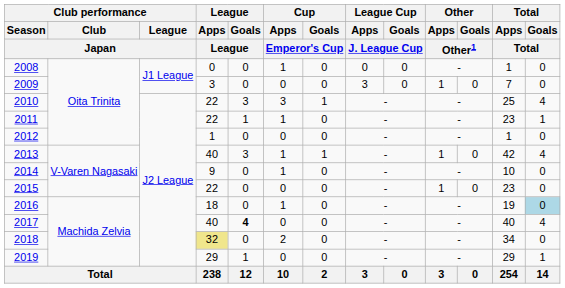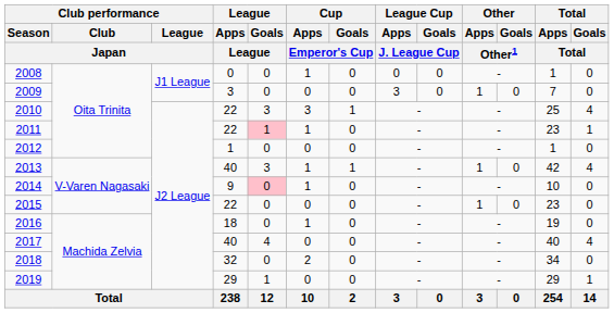 <table class="wikitable" style="text-align:center;">
 <tr>
 <th colspan=3>Club performance</th>
 <th colspan=2>League</th>
 <th colspan=2>Cup</th>
 <th colspan=2>League Cup</th>
 <th colspan=2>Other</th>
 <th colspan=2>Total</th>
 </tr>
 <tr>
 <th>Season</th>
 <th>Club</th>
 <th>League</th>
 <th>Apps</th>
 <th>Goals</th>
 <th>Apps</th>
 <th>Goals</th>
 <th>Apps</th>
 <th>Goals</th>
 <th>Apps</th>
 <th>Goals</th>
 <th>Apps</th>
 <th>Goals</th>
 </tr>
 <tr>
 <th colspan=3>Japan</th>
 <th colspan=2>League</th>
 <th colspan=2><a href='#'>Emperor's Cup</a></th>
 <th colspan=2><a href='#'>J. League Cup</a></th>
 <th colspan="2">Other<sup><a href='#'>1</a></sup></th>
 <th colspan=2>Total</th>
 </tr>
 <tr>
 <td><a href='#'>2008</a></td>
 <td rowspan="5"><a href='#'>Oita Trinita</a></td>
 <td rowspan="2"><a href='#'>J1 League</a></td>
 <td>0</td>
 <td>0</td>
 <td>1</td>
 <td>0</td>
 <td>0</td>
 <td>0</td>
 <td colspan="2">-</td>
 <td>1</td>
 <td>0</td>
 </tr>
 <tr>
 <td><a href='#'>2009</a></td>
 <td>3</td>
 <td>0</td>
 <td>0</td>
 <td>0</td>
 <td>3</td>
 <td>0</td>
 <td>1</td>
 <td>0</td>
 <td>7</td>
 <td>0</td>
 </tr>
 <tr>
 <td><a href='#'>2010</a></td>
 <td rowspan="10"><a href='#'>J2 League</a></td>
 <td>22</td>
 <td>3</td>
 <td>3</td>
 <td>1</td>
 <td colspan="2">-</td>
 <td colspan="2">-</td>
 <td>25</td>
 <td>4</td>
 </tr>
 <tr>
 <td><a href='#'>2011</a></td>
 <td>22</td>
-<td>1</td>
+<td style="background: pink;">1</td>
 <td>1</td>
 <td>0</td>
 <td colspan="2">-</td>
 <td colspan="2">-</td>
 <td>23</td>
 <td>1</td>
 </tr>
 <tr>
 <td><a href='#'>2012</a></td>
 <td>1</td>
 <td>0</td>
 <td>0</td>
 <td>0</td>
 <td colspan="2">-</td>
 <td colspan="2">-</td>
 <td>1</td>
 <td>0</td>
 </tr>
 <tr>
 <td><a href='#'>2013</a></td>
 <td rowspan="3"><a href='#'>V-Varen Nagasaki</a></td>
 <td>40</td>
 <td>3</td>
 <td>1</td>
 <td>1</td>
 <td colspan="2">-</td>
 <td>1</td>
 <td>0</td>
 <td>42</td>
 <td>4</td>
 </tr>
 <tr>
 <td><a href='#'>2014</a></td>
 <td>9</td>
-<td>0</td>
+<td style="background: pink;">0</td>
 <td>1</td>
 <td>0</td>
 <td colspan="2">-</td>
 <td colspan="2">-</td>
 <td>10</td>
 <td>0</td>
 </tr>
 <tr>
 <td><a href='#'>2015</a></td>
 <td>22</td>
 <td>0</td>
 <td>0</td>
 <td>0</td>
 <td colspan="2">-</td>
 <td>1</td>
 <td>0</td>
 <td>23</td>
 <td>0</td>
 </tr>
 <tr>
 <td><a href='#'>2016</a></td>
 <td rowspan="4"><a href='#'>Machida Zelvia</a></td>
 <td>18</td>
 <td>0</td>
 <td>1</td>
 <td>0</td>
 <td colspan="2">-</td>
 <td colspan="2">-</td>
 <td>19</td>
-<td style="background: lightblue;">0</td>
+<td>0</td>
 </tr>
 <tr>
 <td><a href='#'>2017</a></td>
 <td>40</td>
-<td><strong>4</strong></td>
+<td>4</td>
 <td>0</td>
 <td>0</td>
 <td colspan="2">-</td>
 <td colspan="2">-</td>
 <td>40</td>
 <td>4</td>
 </tr>
 <tr>
 <td><a href='#'>2018</a></td>
-<td style="background: khaki;">32</td>
+<td>32</td>
 <td>0</td>
 <td>2</td>
 <td>0</td>
 <td colspan="2">-</td>
 <td colspan="2">-</td>
 <td>34</td>
 <td>0</td>
 </tr>
 <tr>
 <td><a href='#'>2019</a></td>
 <td>29</td>
 <td>1</td>
 <td>0</td>
 <td>0</td>
 <td colspan="2">-</td>
 <td colspan="2">-</td>
 <td>29</td>
 <td>1</td>
 </tr>
 <tr>
 <th colspan=3>Total</th>
 <th>238</th>
 <th>12</th>
 <th>10</th>
 <th>2</th>
 <th>3</th>
 <th>0</th>
 <th>3</th>
 <th>0</th>
 <th>254</th>
 <th>14</th>
 </tr>
 </table>
